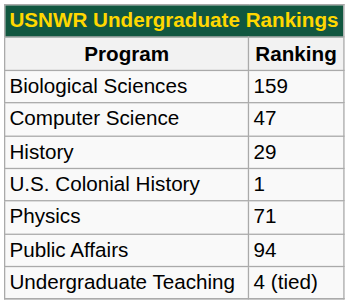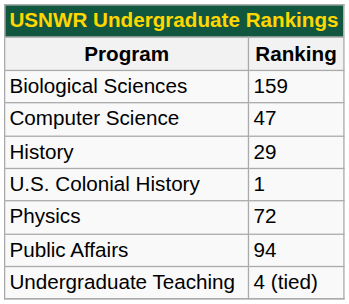 <table class="wikitable sortable collapsible collapsed floatright" "text-align:center">
 <tr>
 <th colspan=4 style="background:#115740; color:gold; ">USNWR Undergraduate Rankings</th>
 </tr>
 <tr>
 <th>Program</th>
 <th>Ranking</th>
 </tr>
 <tr>
 <td>Biological Sciences</td>
 <td>159</td>
 </tr>
 <tr>
 <td>Computer Science</td>
 <td>47</td>
 </tr>
 <tr>
 <td>History</td>
 <td>29</td>
 </tr>
 <tr>
 <td>U.S. Colonial History</td>
 <td>1</td>
 </tr>
 <tr>
 <td>Physics</td>
-<td>71</td>
+<td>72</td>
 </tr>
 <tr>
 <td>Public Affairs</td>
 <td>94</td>
 </tr>
 <tr>
 <td>Undergraduate Teaching</td>
 <td>4 (tied)</td>
 </tr>
 <tr>
 </tr>
 </table>
